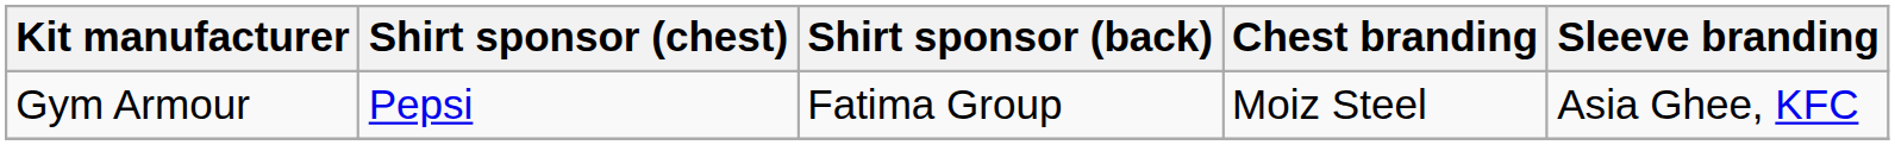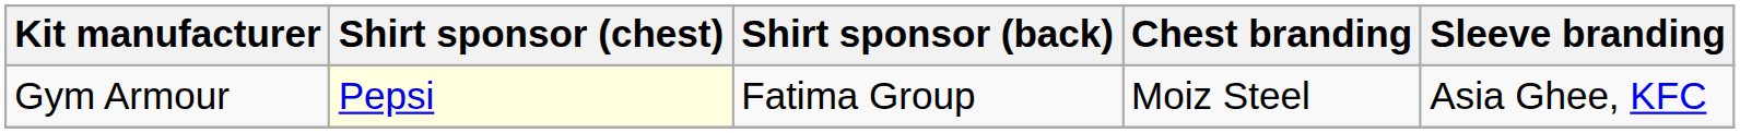 <table class="wikitable">
 <tr>
 <th>Kit manufacturer</th>
 <th>Shirt sponsor (chest)</th>
 <th>Shirt sponsor (back)</th>
 <th>Chest branding</th>
 <th>Sleeve branding</th>
 </tr>
 <tr>
 <td>Gym Armour</td>
-<td><a href='#'>Pepsi</a></td>
+<td style="background: lightyellow;"><a href='#'>Pepsi</a></td>
 <td>Fatima Group</td>
 <td>Moiz Steel</td>
 <td>Asia Ghee, <a href='#'>KFC</a></td>
 </tr>
 <tr>
 </tr>
 </table>
